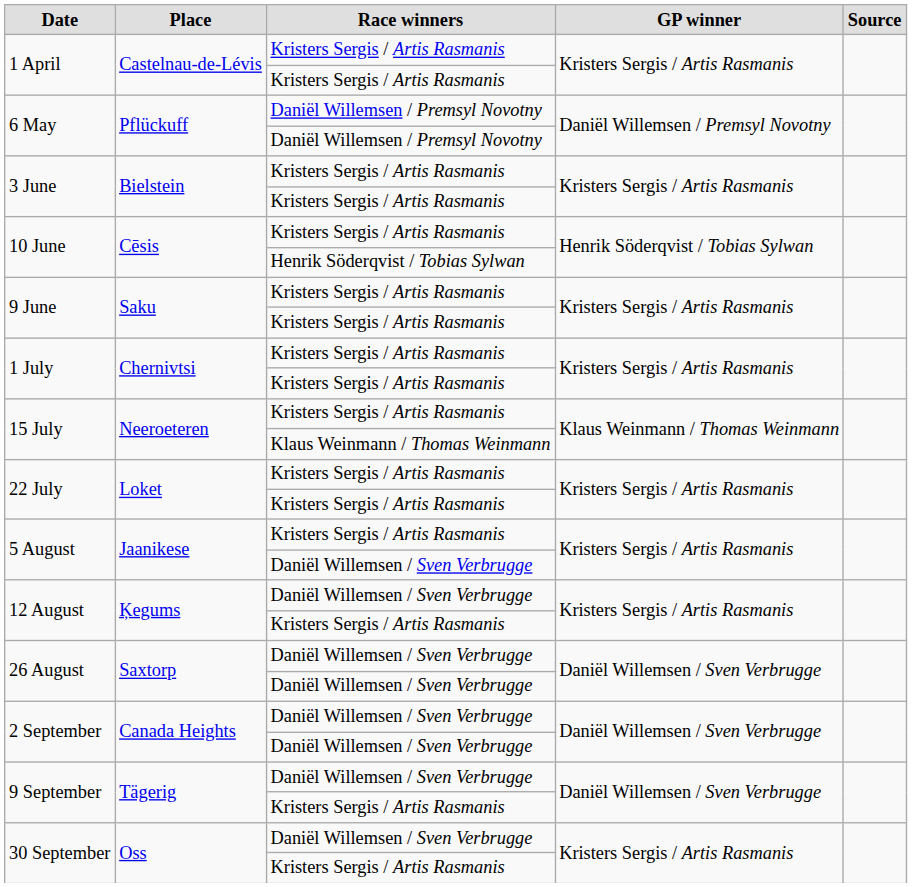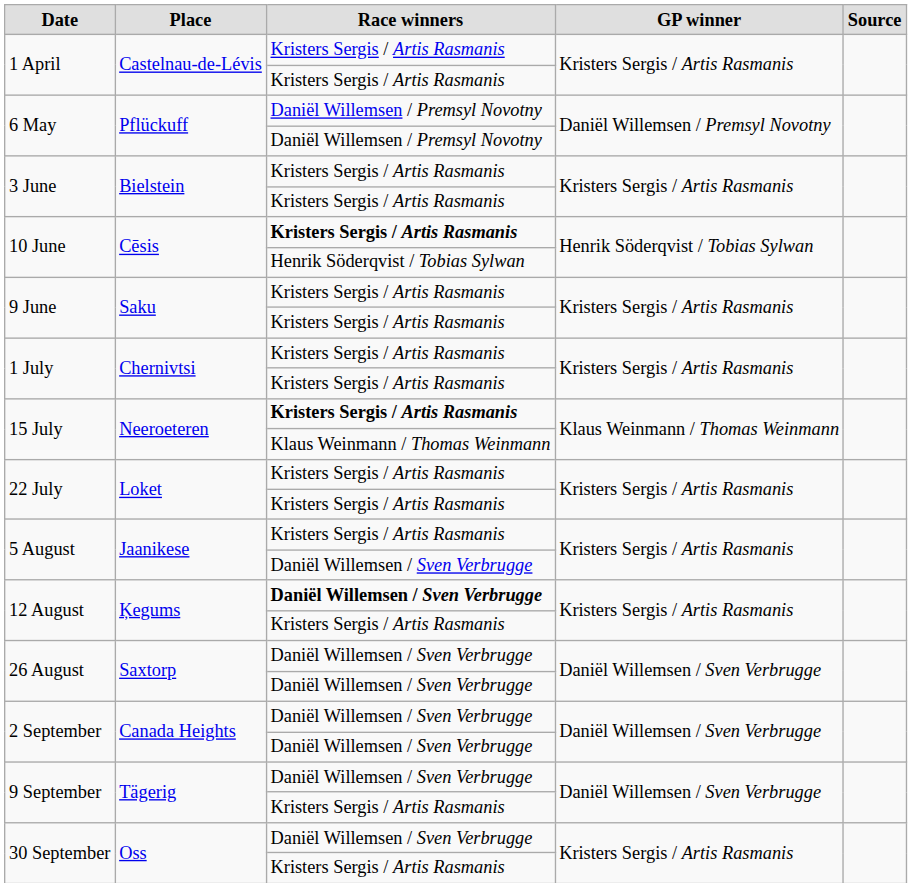 <table class="wikitable" style="font-size: 85%;">
 <tr align="center" style="background:#dfdfdf;">
 <td><strong>Date</strong></td>
 <td><strong>Place</strong></td>
 <td><strong>Race winners</strong></td>
 <td><strong>GP winner</strong></td>
 <td><strong>Source</strong></td>
 </tr>
 <tr>
 <td rowspan=2>1 April</td>
 <td rowspan=2> <a href='#'>Castelnau-de-Lévis</a></td>
 <td> <a href='#'>Kristers Sergis</a> / <em><a href='#'>Artis Rasmanis</a></em></td>
 <td rowspan=2> Kristers Sergis / <em>Artis Rasmanis</em></td>
 <td rowspan=2></td>
 </tr>
 <tr>
 <td> Kristers Sergis / <em>Artis Rasmanis</em></td>
 </tr>
 <tr>
 <td rowspan=2>6 May</td>
 <td rowspan=2> <a href='#'>Pflückuff</a></td>
 <td> <a href='#'>Daniël Willemsen</a> / <em>Premsyl Novotny</em></td>
 <td rowspan=2> Daniël Willemsen / <em>Premsyl Novotny</em></td>
 <td rowspan=2></td>
 </tr>
 <tr>
 <td> Daniël Willemsen / <em>Premsyl Novotny</em></td>
 </tr>
 <tr>
 <td rowspan=2>3 June</td>
 <td rowspan=2> <a href='#'>Bielstein</a></td>
 <td> Kristers Sergis / <em>Artis Rasmanis</em></td>
 <td rowspan=2> Kristers Sergis / <em>Artis Rasmanis</em></td>
 <td rowspan=2></td>
 </tr>
 <tr>
 <td> Kristers Sergis / <em>Artis Rasmanis</em></td>
 </tr>
 <tr>
 <td rowspan=2>10 June</td>
 <td rowspan=2> <a href='#'>Cēsis</a></td>
-<td> Kristers Sergis / <em>Artis Rasmanis</em></td>
+<td><strong> Kristers Sergis / <em>Artis Rasmanis</em></strong></td>
 <td rowspan=2> Henrik Söderqvist /  <em>Tobias Sylwan</em></td>
 <td rowspan=2></td>
 </tr>
 <tr>
 <td> Henrik Söderqvist /  <em>Tobias Sylwan</em></td>
 </tr>
 <tr>
 <td rowspan=2>9 June</td>
 <td rowspan=2> <a href='#'>Saku</a></td>
 <td> Kristers Sergis / <em>Artis Rasmanis</em></td>
 <td rowspan=2> Kristers Sergis / <em>Artis Rasmanis</em></td>
 <td rowspan=2></td>
 </tr>
 <tr>
 <td> Kristers Sergis / <em>Artis Rasmanis</em></td>
 </tr>
 <tr>
 <td rowspan=2>1 July</td>
 <td rowspan=2> <a href='#'>Chernivtsi</a></td>
 <td> Kristers Sergis / <em>Artis Rasmanis</em></td>
 <td rowspan=2> Kristers Sergis / <em>Artis Rasmanis</em></td>
 <td rowspan=2></td>
 </tr>
 <tr>
 <td> Kristers Sergis / <em>Artis Rasmanis</em></td>
 </tr>
 <tr>
 <td rowspan=2>15 July</td>
 <td rowspan=2> <a href='#'>Neeroeteren</a></td>
-<td> Kristers Sergis / <em>Artis Rasmanis</em></td>
+<td><strong> Kristers Sergis / <em>Artis Rasmanis</em></strong></td>
 <td rowspan=2> Klaus Weinmann / <em>Thomas Weinmann</em></td>
 <td rowspan=2></td>
 </tr>
 <tr>
 <td> Klaus Weinmann / <em>Thomas Weinmann</em></td>
 </tr>
 <tr>
 <td rowspan=2>22 July</td>
 <td rowspan=2> <a href='#'>Loket</a></td>
 <td> Kristers Sergis / <em>Artis Rasmanis</em></td>
 <td rowspan=2> Kristers Sergis / <em>Artis Rasmanis</em></td>
 <td rowspan=2></td>
 </tr>
 <tr>
 <td> Kristers Sergis / <em>Artis Rasmanis</em></td>
 </tr>
 <tr>
 <td rowspan=2>5 August</td>
 <td rowspan=2> <a href='#'>Jaanikese</a></td>
 <td> Kristers Sergis / <em>Artis Rasmanis</em></td>
 <td rowspan=2> Kristers Sergis / <em>Artis Rasmanis</em></td>
 <td rowspan=2></td>
 </tr>
 <tr>
 <td> Daniël Willemsen / <em><a href='#'>Sven Verbrugge</a></em></td>
 </tr>
 <tr>
 <td rowspan=2>12 August</td>
 <td rowspan=2> <a href='#'>Ķegums</a></td>
-<td> Daniël Willemsen / <em>Sven Verbrugge</em></td>
+<td><strong> Daniël Willemsen / <em>Sven Verbrugge</em></strong></td>
 <td rowspan=2> Kristers Sergis / <em>Artis Rasmanis</em></td>
 <td rowspan=2></td>
 </tr>
 <tr>
 <td> Kristers Sergis / <em>Artis Rasmanis</em></td>
 </tr>
 <tr>
 <td rowspan=2>26 August</td>
 <td rowspan=2> <a href='#'>Saxtorp</a></td>
 <td> Daniël Willemsen / <em>Sven Verbrugge</em></td>
 <td rowspan=2> Daniël Willemsen / <em>Sven Verbrugge</em></td>
 <td rowspan=2></td>
 </tr>
 <tr>
 <td> Daniël Willemsen / <em>Sven Verbrugge</em></td>
 </tr>
 <tr>
 <td rowspan=2>2 September</td>
 <td rowspan=2> <a href='#'>Canada Heights</a></td>
 <td> Daniël Willemsen / <em>Sven Verbrugge</em></td>
 <td rowspan=2> Daniël Willemsen / <em>Sven Verbrugge</em></td>
 <td rowspan=2></td>
 </tr>
 <tr>
 <td> Daniël Willemsen / <em>Sven Verbrugge</em></td>
 </tr>
 <tr>
 <td rowspan=2>9 September</td>
 <td rowspan=2> <a href='#'>Tägerig</a></td>
 <td> Daniël Willemsen / <em>Sven Verbrugge</em></td>
 <td rowspan=2> Daniël Willemsen / <em>Sven Verbrugge</em></td>
 <td rowspan=2></td>
 </tr>
 <tr>
 <td> Kristers Sergis / <em>Artis Rasmanis</em></td>
 </tr>
 <tr>
 <td rowspan=2>30 September</td>
 <td rowspan=2> <a href='#'>Oss</a></td>
 <td> Daniël Willemsen / <em>Sven Verbrugge</em></td>
 <td rowspan=2> Kristers Sergis / <em>Artis Rasmanis</em></td>
 <td rowspan=2></td>
 </tr>
 <tr>
 <td> Kristers Sergis / <em>Artis Rasmanis</em></td>
 </tr>
 </table>
